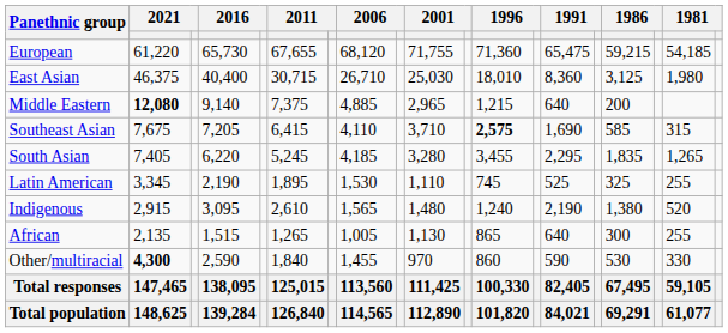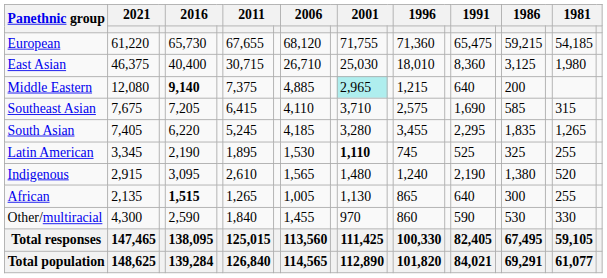 <table class="wikitable mw-datatable">
 <tr>
 <th rowspan="2"><a href='#'>Panethnic</a> group</th>
 <th colspan="2">2021</th>
 <th colspan="2">2016</th>
 <th colspan="2">2011</th>
 <th colspan="2">2006</th>
 <th colspan="2">2001</th>
 <th colspan="2">1996</th>
 <th colspan="2">1991</th>
 <th colspan="2">1986</th>
 <th colspan="2">1981</th>
 </tr>
 <tr>
 <th><a href='#'></a></th>
 <th></th>
 <th></th>
 <th></th>
 <th></th>
 <th></th>
 <th></th>
 <th></th>
 <th></th>
 <th></th>
 <th></th>
 <th></th>
 <th></th>
 <th></th>
 <th></th>
 <th></th>
 <th></th>
 <th></th>
 </tr>
 <tr>
 <td><a href='#'>European</a></td>
 <td>61,220</td>
 <td></td>
 <td>65,730</td>
 <td></td>
 <td>67,655</td>
 <td></td>
 <td>68,120</td>
 <td></td>
 <td>71,755</td>
 <td></td>
 <td>71,360</td>
 <td></td>
 <td>65,475</td>
 <td></td>
 <td>59,215</td>
 <td></td>
 <td>54,185</td>
 <td></td>
 </tr>
 <tr>
 <td><a href='#'>East Asian</a></td>
 <td>46,375</td>
 <td></td>
 <td>40,400</td>
 <td></td>
 <td>30,715</td>
 <td></td>
 <td>26,710</td>
 <td></td>
 <td>25,030</td>
 <td></td>
 <td>18,010</td>
 <td></td>
 <td>8,360</td>
 <td></td>
 <td>3,125</td>
 <td></td>
 <td>1,980</td>
 <td></td>
 </tr>
 <tr>
 <td><a href='#'>Middle Eastern</a></td>
-<td><strong>12,080</strong></td>
+<td>12,080</td>
 <td></td>
-<td>9,140</td>
+<td><strong>9,140</strong></td>
 <td></td>
 <td>7,375</td>
 <td></td>
 <td>4,885</td>
 <td></td>
-<td>2,965</td>
+<td style="background: paleturquoise;">2,965</td>
 <td></td>
 <td>1,215</td>
 <td></td>
 <td>640</td>
 <td></td>
 <td>200</td>
 <td></td>
 <td></td>
 <td></td>
 </tr>
 <tr>
 <td><a href='#'>Southeast Asian</a></td>
 <td>7,675</td>
 <td></td>
 <td>7,205</td>
 <td></td>
 <td>6,415</td>
 <td></td>
 <td>4,110</td>
 <td></td>
 <td>3,710</td>
 <td></td>
-<td><strong>2,575</strong></td>
+<td>2,575</td>
 <td></td>
 <td>1,690</td>
 <td></td>
 <td>585</td>
 <td></td>
 <td>315</td>
 <td></td>
 </tr>
 <tr>
 <td><a href='#'>South Asian</a></td>
 <td>7,405</td>
 <td></td>
 <td>6,220</td>
 <td></td>
 <td>5,245</td>
 <td></td>
 <td>4,185</td>
 <td></td>
 <td>3,280</td>
 <td></td>
 <td>3,455</td>
 <td></td>
 <td>2,295</td>
 <td></td>
 <td>1,835</td>
 <td></td>
 <td>1,265</td>
 <td></td>
 </tr>
 <tr>
 <td><a href='#'>Latin American</a></td>
 <td>3,345</td>
 <td></td>
 <td>2,190</td>
 <td></td>
 <td>1,895</td>
 <td></td>
 <td>1,530</td>
 <td></td>
-<td>1,110</td>
+<td><strong>1,110</strong></td>
 <td></td>
 <td>745</td>
 <td></td>
 <td>525</td>
 <td></td>
 <td>325</td>
 <td></td>
 <td>255</td>
 <td></td>
 </tr>
 <tr>
 <td><a href='#'>Indigenous</a></td>
 <td>2,915</td>
 <td></td>
 <td>3,095</td>
 <td></td>
 <td>2,610</td>
 <td></td>
 <td>1,565</td>
 <td></td>
 <td>1,480</td>
 <td></td>
 <td>1,240</td>
 <td></td>
 <td>2,190</td>
 <td></td>
 <td>1,380</td>
 <td></td>
 <td>520</td>
 <td></td>
 </tr>
 <tr>
 <td><a href='#'>African</a></td>
 <td>2,135</td>
 <td></td>
-<td>1,515</td>
+<td><strong>1,515</strong></td>
 <td></td>
 <td>1,265</td>
 <td></td>
 <td>1,005</td>
 <td></td>
 <td>1,130</td>
 <td></td>
 <td>865</td>
 <td></td>
 <td>640</td>
 <td></td>
 <td>300</td>
 <td></td>
 <td>255</td>
 <td></td>
 </tr>
 <tr>
 <td>Other/<a href='#'>multiracial</a></td>
-<td><strong>4,300</strong></td>
+<td>4,300</td>
 <td></td>
 <td>2,590</td>
 <td></td>
 <td>1,840</td>
 <td></td>
 <td>1,455</td>
 <td></td>
 <td>970</td>
 <td></td>
 <td>860</td>
 <td></td>
 <td>590</td>
 <td></td>
 <td>530</td>
 <td></td>
 <td>330</td>
 <td></td>
 </tr>
 <tr>
 <th>Total responses</th>
 <th>147,465</th>
 <th></th>
 <th>138,095</th>
 <th></th>
 <th>125,015</th>
 <th></th>
 <th>113,560</th>
 <th></th>
 <th>111,425</th>
 <th></th>
 <th>100,330</th>
 <th></th>
 <th>82,405</th>
 <th></th>
 <th>67,495</th>
 <th></th>
 <th>59,105</th>
 <th></th>
 </tr>
 <tr>
 <th>Total population</th>
 <th>148,625</th>
 <th></th>
 <th>139,284</th>
 <th></th>
 <th>126,840</th>
 <th></th>
 <th>114,565</th>
 <th></th>
 <th>112,890</th>
 <th></th>
 <th>101,820</th>
 <th></th>
 <th>84,021</th>
 <th></th>
 <th>69,291</th>
 <th></th>
 <th>61,077</th>
 <th></th>
 </tr>
 </table>
